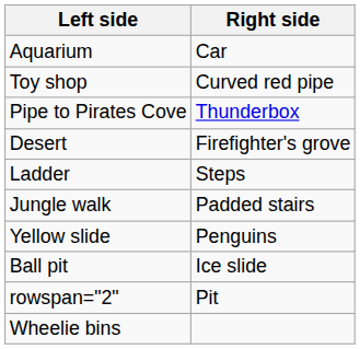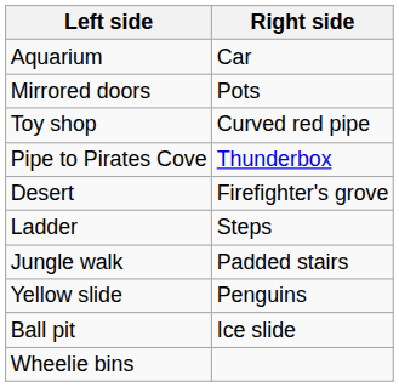 <table class="wikitable">
 <tr>
 <th>Left side</th>
 <th>Right side</th>
 </tr>
 <tr>
 <td>Aquarium</td>
 <td>Car</td>
+</tr>
+<tr>
+<td>Mirrored doors</td>
+<td>Pots</td>
 </tr>
 <tr>
 <td>Toy shop</td>
 <td>Curved red pipe</td>
 </tr>
 <tr>
 <td>Pipe to Pirates Cove</td>
 <td><a href='#'>Thunderbox</a></td>
 </tr>
 <tr>
 <td>Desert</td>
 <td>Firefighter's grove</td>
 </tr>
 <tr>
 <td>Ladder</td>
 <td>Steps</td>
 </tr>
 <tr>
 <td>Jungle walk</td>
 <td>Padded stairs</td>
 </tr>
 <tr>
 <td>Yellow slide</td>
 <td>Penguins</td>
 </tr>
 <tr>
 <td>Ball pit</td>
 <td>Ice slide</td>
 </tr>
 <tr>
-<td>rowspan="2" </td>
-<td>Pit</td>
-</tr>
-<tr>
 <td>Wheelie bins</td>
 </tr>
 </table>
